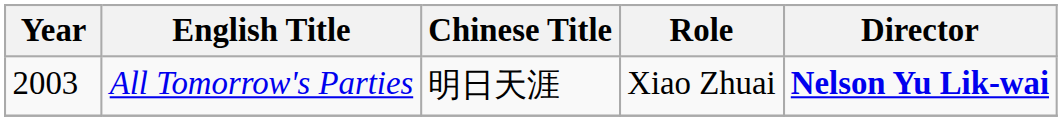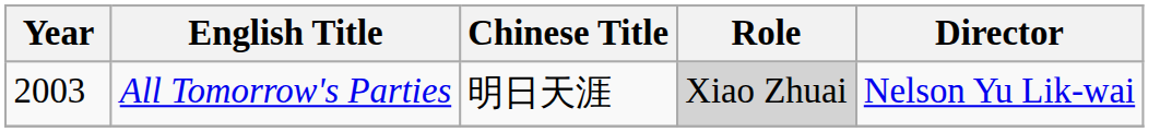 <table class="wikitable">
 <tr>
 <th align="left" valign="top" width="40">Year</th>
 <th align="left" valign="top">English Title</th>
 <th align="left" valign="top">Chinese Title</th>
 <th align="left" valign="top">Role</th>
 <th align="left" valign="top">Director</th>
 </tr>
 <tr>
 <td align="left" valign="top">2003</td>
 <td align="left" valign="top"><em><a href='#'>All Tomorrow's Parties</a></em></td>
 <td align="left" valign="top">明日天涯</td>
-<td align="left" valign="top">Xiao Zhuai</td>
-<td align="left" valign="top"><strong><a href='#'>Nelson Yu Lik-wai</a></strong></td>
+<td align="left" valign="top" style="background: lightgrey;">Xiao Zhuai</td>
+<td align="left" valign="top"><a href='#'>Nelson Yu Lik-wai</a></td>
 </tr>
 <tr>
 </tr>
 </table>
